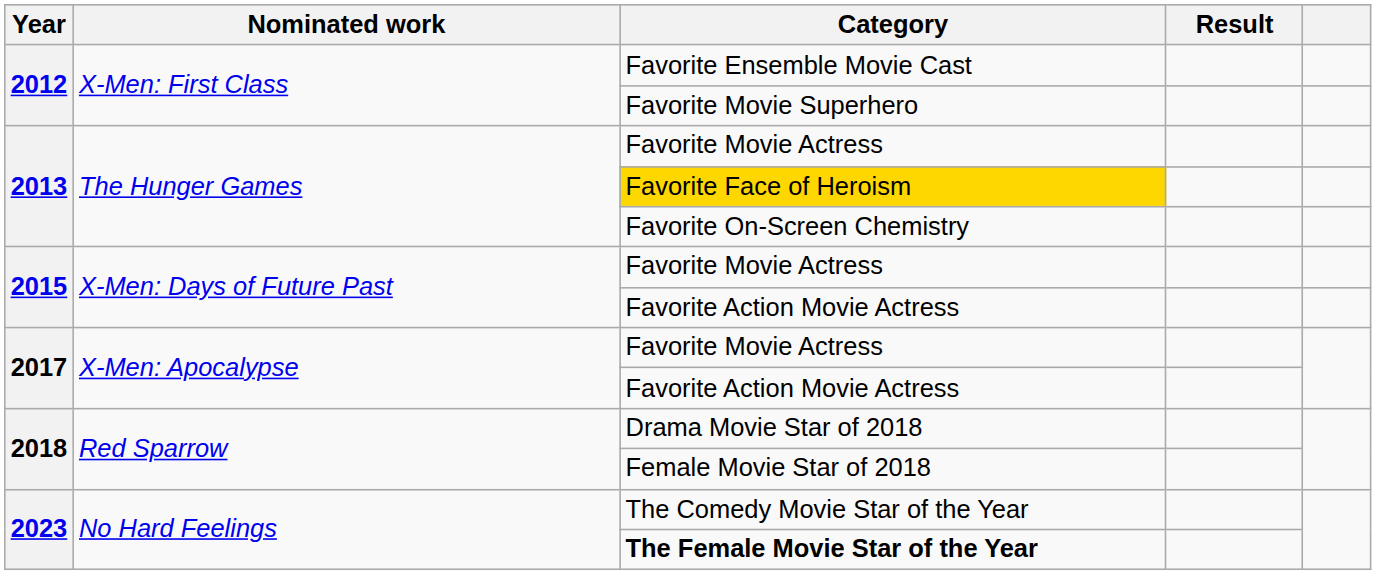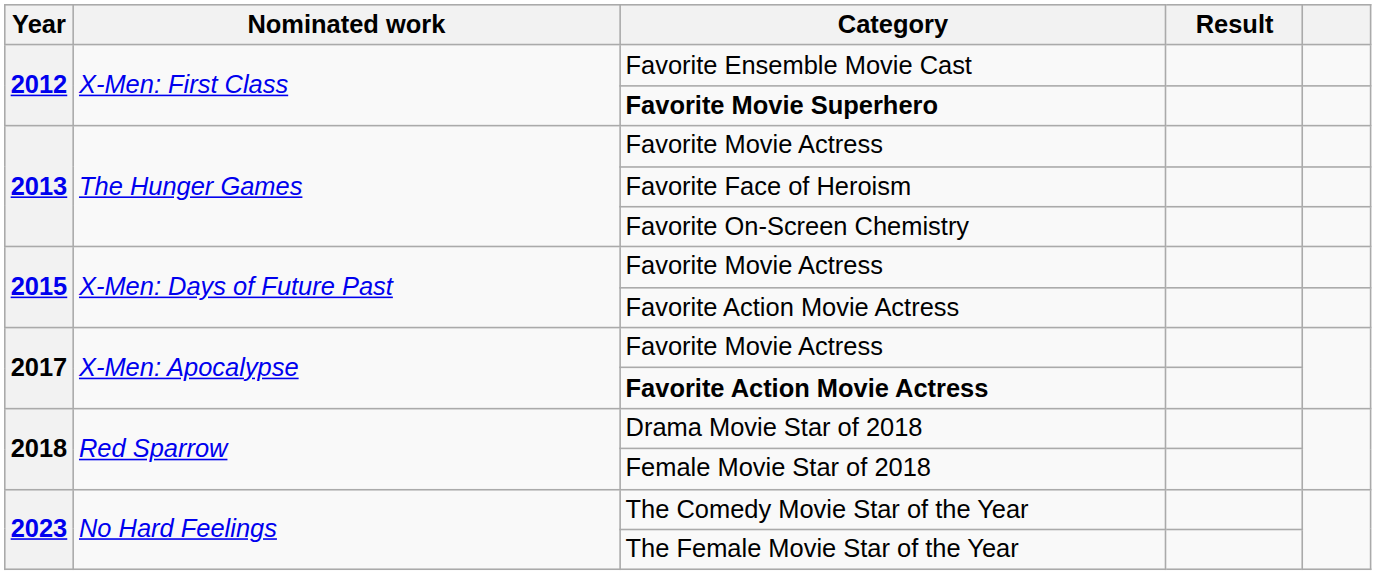 <table class="wikitable plainrowheaders">
 <tr>
 <th scope="col" style="width:5%;">Year</th>
 <th scope="col" style="width:40%;">Nominated work</th>
 <th scope="col" style="width:40%;">Category</th>
 <th scope="col" style="width:10%;">Result</th>
 <th scope="col" style="width:5%;"></th>
 </tr>
 <tr>
 <th scope="row" style="text-align:center;" rowspan="2"><a href='#'>2012</a></th>
 <td rowspan="2" style="text-align:left;"><em><a href='#'>X-Men: First Class</a></em></td>
 <td>Favorite Ensemble Movie Cast</td>
 <td></td>
 <td style="text-align:center;"></td>
 </tr>
 <tr>
-<td>Favorite Movie Superhero</td>
+<td><strong>Favorite Movie Superhero</strong></td>
 <td></td>
 <td style="text-align:center;"></td>
 </tr>
 <tr>
 <th scope="row" style="text-align:center;" rowspan="3"><a href='#'>2013</a></th>
 <td rowspan="3" style="text-align:left;"><em><a href='#'>The Hunger Games</a></em></td>
 <td>Favorite Movie Actress</td>
 <td></td>
 <td style="text-align:center;"></td>
 </tr>
 <tr>
-<td style="background: gold;">Favorite Face of Heroism</td>
+<td>Favorite Face of Heroism</td>
 <td></td>
 <td style="text-align:center;"></td>
 </tr>
 <tr>
 <td>Favorite On-Screen Chemistry</td>
 <td></td>
 <td style="text-align:center;"></td>
 </tr>
 <tr>
 <th scope="row" style="text-align:center;" rowspan="2"><a href='#'>2015</a></th>
 <td rowspan="2" style="text-align:left;"><em><a href='#'>X-Men: Days of Future Past</a></em></td>
 <td>Favorite Movie Actress</td>
 <td></td>
 <td style="text-align:center;"></td>
 </tr>
 <tr>
 <td>Favorite Action Movie Actress</td>
 <td></td>
 <td style="text-align:center;"></td>
 </tr>
 <tr>
 <th scope="row" style="text-align:center;" rowspan="2">2017</th>
 <td rowspan="2" style="text-align:left;"><em><a href='#'>X-Men: Apocalypse</a></em></td>
 <td>Favorite Movie Actress</td>
 <td></td>
 <td rowspan="2" style="text-align:center;"></td>
 </tr>
 <tr>
-<td>Favorite Action Movie Actress</td>
+<td><strong>Favorite Action Movie Actress</strong></td>
 <td></td>
 </tr>
 <tr>
 <th scope="row" style="text-align:center;" rowspan="2">2018</th>
 <td rowspan="2" style="text-align:left;"><em><a href='#'>Red Sparrow</a></em></td>
 <td>Drama Movie Star of 2018</td>
 <td></td>
 <td rowspan="2" style="text-align:center;"></td>
 </tr>
 <tr>
 <td>Female Movie Star of 2018</td>
 <td></td>
 </tr>
 <tr>
 <th scope="row" style="text-align:center;" rowspan="2"><a href='#'>2023</a></th>
 <td rowspan="2" style="text-align:left;"><em><a href='#'>No Hard Feelings</a></em></td>
 <td>The Comedy Movie Star of the Year</td>
 <td></td>
 <td rowspan="2" style="text-align:center;"></td>
 </tr>
 <tr>
-<td><strong>The Female Movie Star of the Year</strong></td>
+<td>The Female Movie Star of the Year</td>
 <td></td>
 </tr>
 </table>
